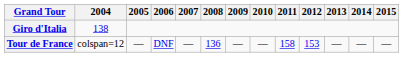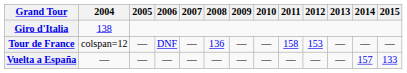 <table class="wikitable plainrowheaders">
 <tr>
 <th scope="col"><a href='#'>Grand Tour</a></th>
 <th scope="col">2004</th>
 <th scope="col">2005</th>
 <th scope="col">2006</th>
 <th scope="col">2007</th>
 <th scope="col">2008</th>
 <th scope="col">2009</th>
 <th scope="col">2010</th>
 <th scope="col">2011</th>
 <th scope="col">2012</th>
 <th scope="col">2013</th>
 <th scope="col">2014</th>
 <th scope="col">2015</th>
 </tr>
 <tr style="text-align:center;">
 <th scope="row"> <a href='#'>Giro d'Italia</a></th>
 <td><a href='#'>138</a></td>
 </tr>
 <tr style="text-align:center;">
 <th scope="row"> <a href='#'>Tour de France</a></th>
 <td>colspan=12 </td>
 <td>—</td>
 <td><a href='#'>DNF</a></td>
 <td>—</td>
 <td><a href='#'>136</a></td>
 <td>—</td>
 <td>—</td>
 <td><a href='#'>158</a></td>
 <td><a href='#'>153</a></td>
 <td>—</td>
 <td>—</td>
 <td>—</td>
 </tr>
+<tr style="text-align:center;">
+<th scope="row"> <a href='#'>Vuelta a España</a></th>
+<td>—</td>
+<td>—</td>
+<td>—</td>
+<td>—</td>
+<td>—</td>
+<td>—</td>
+<td>—</td>
+<td>—</td>
+<td>—</td>
+<td>—</td>
+<td><a href='#'>157</a></td>
+<td><a href='#'>133</a></td>
+</tr>
 </table>
